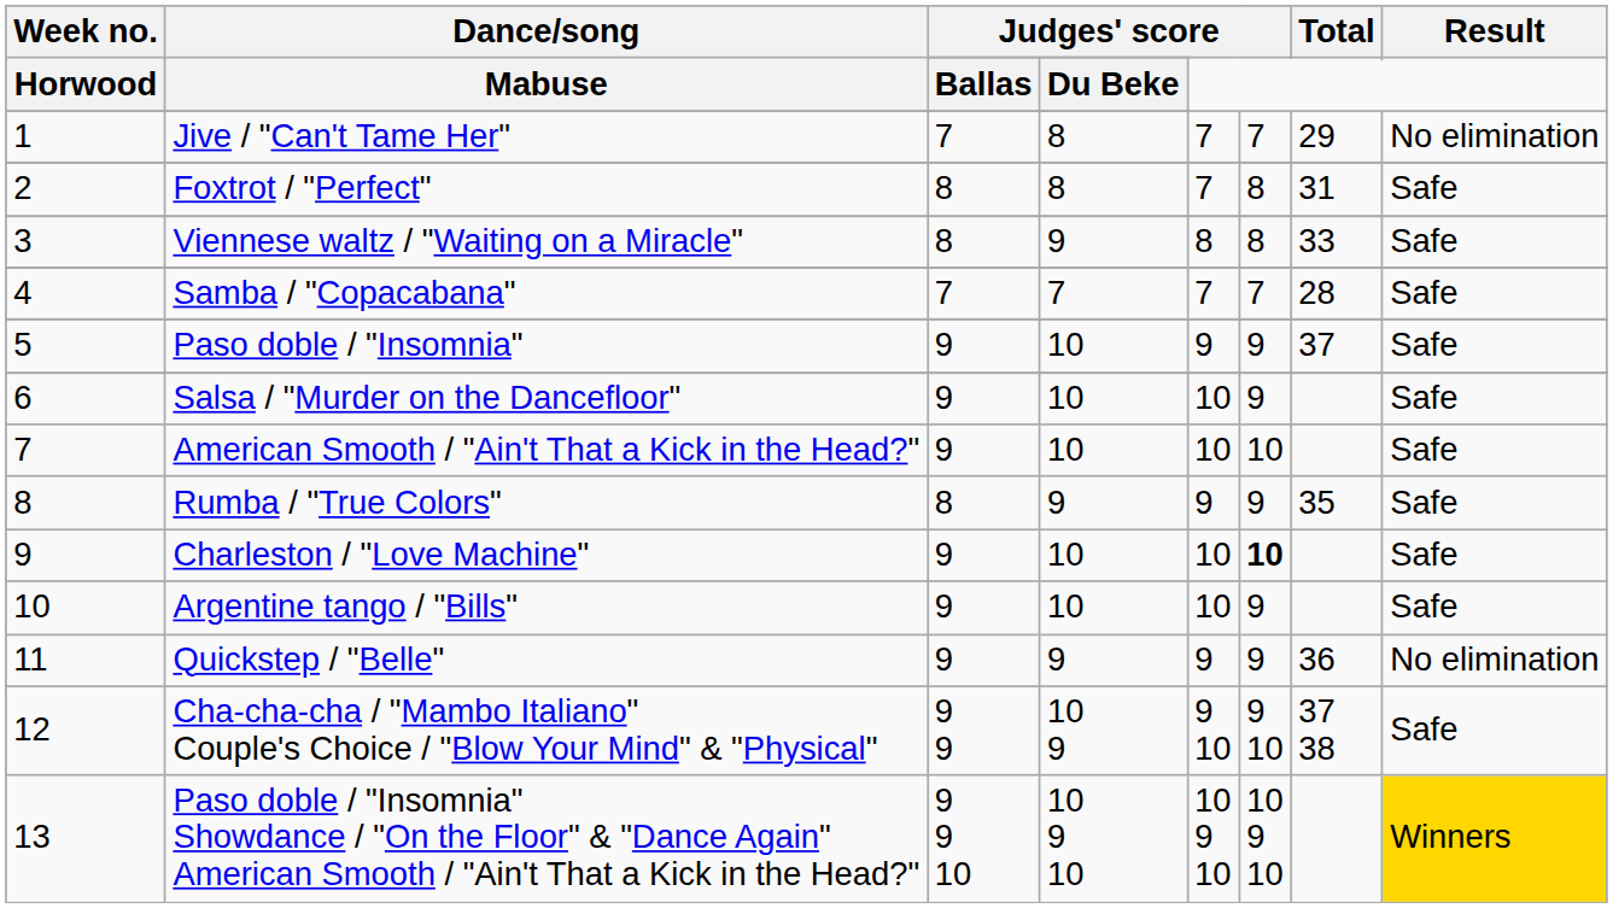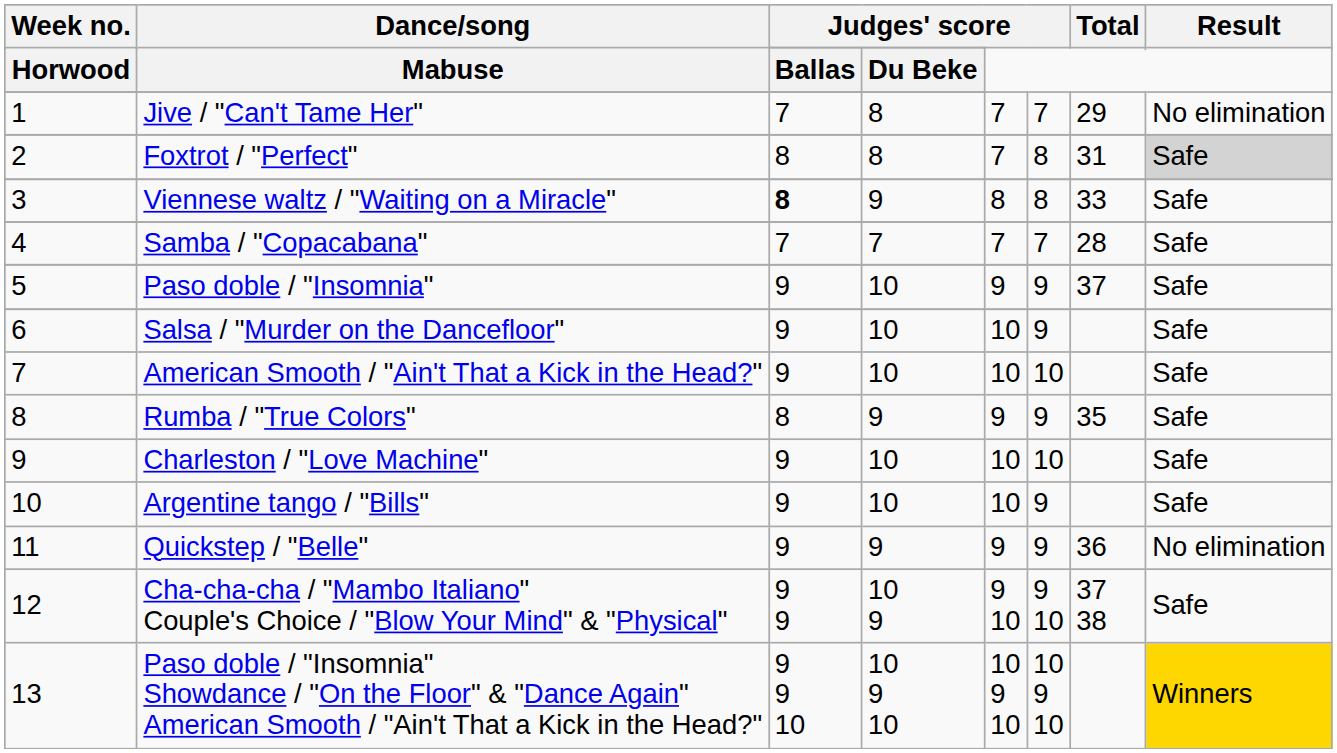 <table class="wikitable">
 <tr>
 <th rowspan="2">Week no.</th>
 <th rowspan="2">Dance/song</th>
 <th colspan="4">Judges' score</th>
 <th rowspan="2">Total</th>
 <th rowspan="2">Result</th>
 </tr>
 <tr>
 </tr>
 <tr>
 <th>Horwood</th>
 <th>Mabuse</th>
 <th>Ballas</th>
 <th>Du Beke</th>
 </tr>
 <tr>
 </tr>
 <tr>
 <td>1</td>
 <td><a href='#'>Jive</a> / "<a href='#'>Can't Tame Her</a>"</td>
 <td>7</td>
 <td>8</td>
 <td>7</td>
 <td>7</td>
 <td>29</td>
 <td>No elimination</td>
 </tr>
 <tr>
 </tr>
 <tr>
 <td>2</td>
 <td><a href='#'>Foxtrot</a> / "<a href='#'>Perfect</a>"</td>
 <td>8</td>
 <td>8</td>
 <td>7</td>
 <td>8</td>
 <td>31</td>
-<td>Safe</td>
+<td style="background: lightgrey;">Safe</td>
 </tr>
 <tr>
 </tr>
 <tr>
 <td>3</td>
 <td><a href='#'>Viennese waltz</a> / "<a href='#'>Waiting on a Miracle</a>"</td>
-<td>8</td>
+<td><strong>8</strong></td>
 <td>9</td>
 <td>8</td>
 <td>8</td>
 <td>33</td>
 <td>Safe</td>
 </tr>
 <tr>
 </tr>
 <tr>
 <td>4</td>
 <td><a href='#'>Samba</a> / "<a href='#'>Copacabana</a>"</td>
 <td>7</td>
 <td>7</td>
 <td>7</td>
 <td>7</td>
 <td>28</td>
 <td>Safe</td>
 </tr>
 <tr>
 </tr>
 <tr>
 <td>5</td>
 <td><a href='#'>Paso doble</a> / "<a href='#'>Insomnia</a>"</td>
 <td>9</td>
 <td>10</td>
 <td>9</td>
 <td>9</td>
 <td>37</td>
 <td>Safe</td>
 </tr>
 <tr>
 </tr>
 <tr>
 </tr>
 <tr>
 <td>6</td>
 <td><a href='#'>Salsa</a> / "<a href='#'>Murder on the Dancefloor</a>"</td>
 <td>9</td>
 <td>10</td>
 <td>10</td>
 <td>9</td>
 <td></td>
 <td>Safe</td>
 </tr>
 <tr>
 <td>7</td>
 <td><a href='#'>American Smooth</a> / "<a href='#'>Ain't That a Kick in the Head?</a>"</td>
 <td>9</td>
 <td>10</td>
 <td>10</td>
 <td>10</td>
 <td></td>
 <td>Safe</td>
 </tr>
 <tr>
 <td>8</td>
 <td><a href='#'>Rumba</a> / "<a href='#'>True Colors</a>"</td>
 <td>8</td>
 <td>9</td>
 <td>9</td>
 <td>9</td>
 <td>35</td>
 <td>Safe</td>
 </tr>
 <tr>
 <td>9</td>
 <td><a href='#'>Charleston</a> / "<a href='#'>Love Machine</a>"</td>
 <td>9</td>
 <td>10</td>
 <td>10</td>
-<td><strong>10</strong></td>
+<td>10</td>
 <td></td>
 <td>Safe</td>
 </tr>
 <tr>
 <td>10</td>
 <td><a href='#'>Argentine tango</a> / "<a href='#'>Bills</a>"</td>
 <td>9</td>
 <td>10</td>
 <td>10</td>
 <td>9</td>
 <td></td>
 <td>Safe</td>
 </tr>
 <tr>
 <td>11</td>
 <td><a href='#'>Quickstep</a> / "<a href='#'>Belle</a>"</td>
 <td>9</td>
 <td>9</td>
 <td>9</td>
 <td>9</td>
 <td>36</td>
 <td>No elimination</td>
 </tr>
 <tr>
 <td>12</td>
 <td><a href='#'>Cha-cha-cha</a> / "<a href='#'>Mambo Italiano</a>"<br>Couple's Choice / "<a href='#'>Blow Your Mind</a>" & "<a href='#'>Physical</a>"</td>
 <td>9<br>9</td>
 <td>10<br>9</td>
 <td>9<br>10</td>
 <td>9<br>10</td>
 <td>37<br>38</td>
 <td>Safe</td>
 </tr>
 <tr>
 <td>13</td>
 <td><a href='#'>Paso doble</a> / "Insomnia"<br><a href='#'>Showdance</a> / "<a href='#'>On the Floor</a>" & "<a href='#'>Dance Again</a>"<br><a href='#'>American Smooth</a> / "Ain't That a Kick in the Head?"</td>
 <td>9<br>9<br>10</td>
 <td>10<br>9<br>10</td>
 <td>10<br>9<br>10</td>
 <td>10<br>9<br>10</td>
 <td><br><br></td>
 <td style="background-color:gold;">Winners</td>
 </tr>
 </table>
